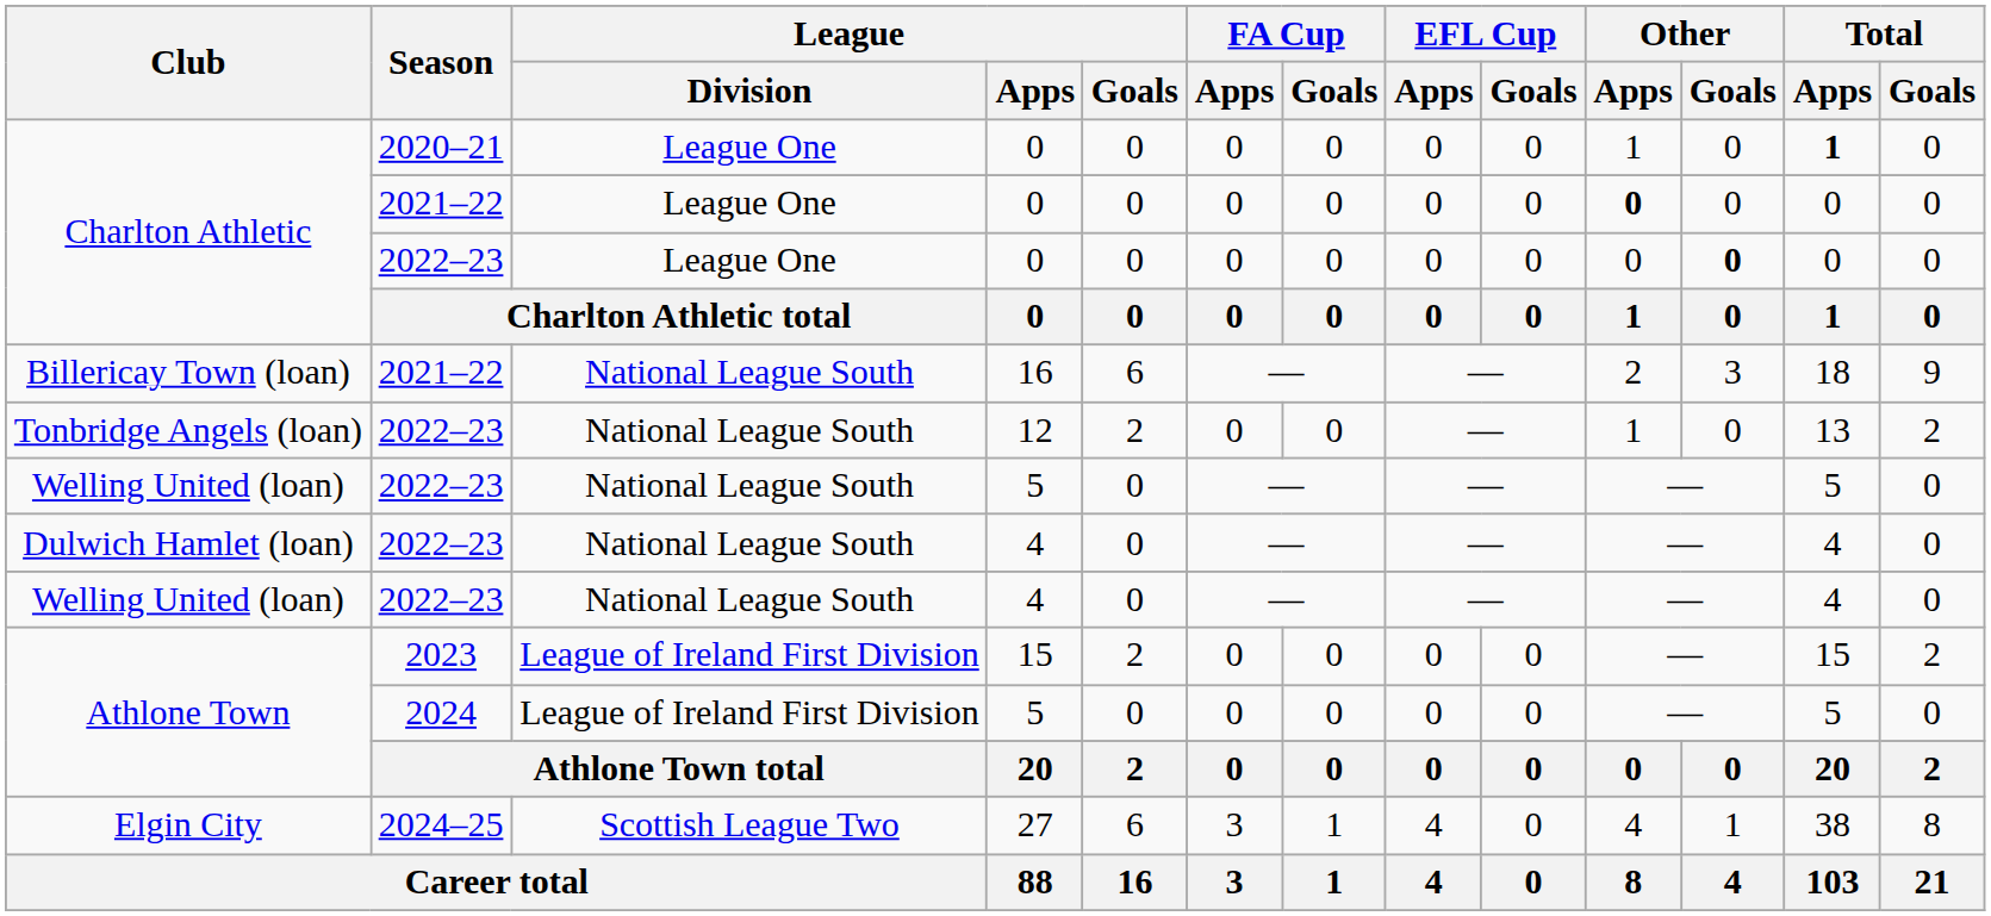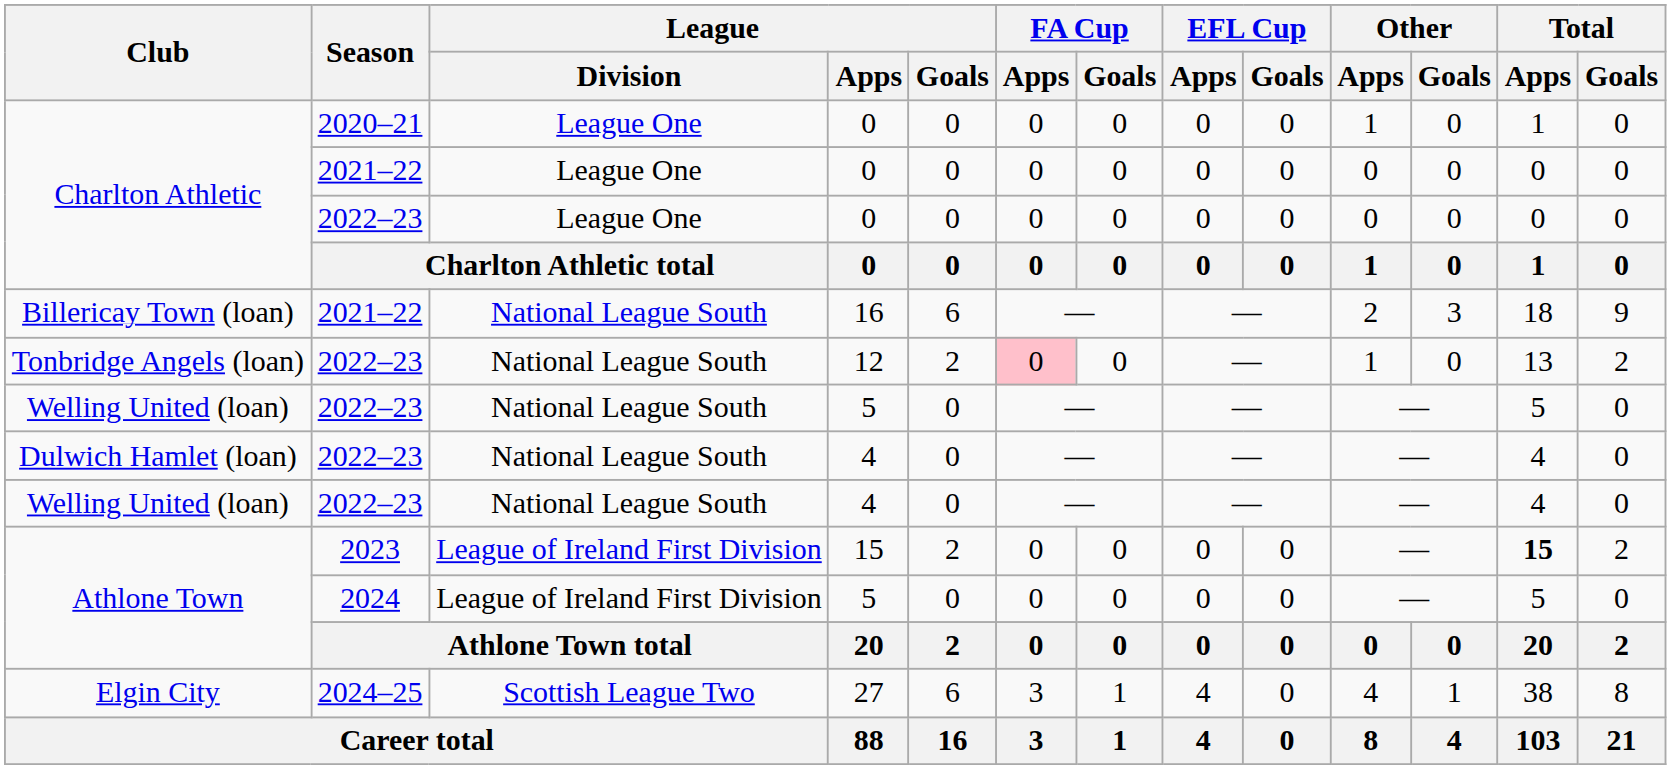 <table class="wikitable" style="text-align: center">
 <tr>
 <th rowspan="2">Club</th>
 <th rowspan="2">Season</th>
 <th colspan="3">League</th>
 <th colspan="2"><a href='#'>FA Cup</a></th>
 <th colspan="2"><a href='#'>EFL Cup</a></th>
 <th colspan="2">Other</th>
 <th colspan="2">Total</th>
 </tr>
 <tr>
 <th>Division</th>
 <th>Apps</th>
 <th>Goals</th>
 <th>Apps</th>
 <th>Goals</th>
 <th>Apps</th>
 <th>Goals</th>
 <th>Apps</th>
 <th>Goals</th>
 <th>Apps</th>
 <th>Goals</th>
 </tr>
 <tr>
 <td rowspan="4"><a href='#'>Charlton Athletic</a></td>
 <td><a href='#'>2020–21</a></td>
 <td><a href='#'>League One</a></td>
 <td>0</td>
 <td>0</td>
 <td>0</td>
 <td>0</td>
 <td>0</td>
 <td>0</td>
 <td>1</td>
 <td>0</td>
-<td><strong>1</strong></td>
+<td>1</td>
 <td>0</td>
 </tr>
 <tr>
 <td><a href='#'>2021–22</a></td>
 <td>League One</td>
 <td>0</td>
 <td>0</td>
 <td>0</td>
 <td>0</td>
 <td>0</td>
 <td>0</td>
-<td><strong>0</strong></td>
+<td>0</td>
 <td>0</td>
 <td>0</td>
 <td>0</td>
 </tr>
 <tr>
 <td><a href='#'>2022–23</a></td>
 <td>League One</td>
 <td>0</td>
 <td>0</td>
 <td>0</td>
 <td>0</td>
 <td>0</td>
 <td>0</td>
 <td>0</td>
-<td><strong>0</strong></td>
+<td>0</td>
 <td>0</td>
 <td>0</td>
 </tr>
 <tr>
 <th colspan="2">Charlton Athletic total</th>
 <th>0</th>
 <th>0</th>
 <th>0</th>
 <th>0</th>
 <th>0</th>
 <th>0</th>
 <th>1</th>
 <th>0</th>
 <th>1</th>
 <th>0</th>
 </tr>
 <tr>
 <td><a href='#'>Billericay Town</a> (loan)</td>
 <td><a href='#'>2021–22</a></td>
 <td><a href='#'>National League South</a></td>
 <td>16</td>
 <td>6</td>
 <td colspan="2">—</td>
 <td colspan="2">—</td>
 <td>2</td>
 <td>3</td>
 <td>18</td>
 <td>9</td>
 </tr>
 <tr>
 <td><a href='#'>Tonbridge Angels</a> (loan)</td>
 <td><a href='#'>2022–23</a></td>
 <td>National League South</td>
 <td>12</td>
 <td>2</td>
-<td>0</td>
+<td style="background: pink;">0</td>
 <td>0</td>
 <td colspan="2">—</td>
 <td>1</td>
 <td>0</td>
 <td>13</td>
 <td>2</td>
 </tr>
 <tr>
 <td><a href='#'>Welling United</a> (loan)</td>
 <td><a href='#'>2022–23</a></td>
 <td>National League South</td>
 <td>5</td>
 <td>0</td>
 <td colspan="2">—</td>
 <td colspan="2">—</td>
 <td colspan="2">—</td>
 <td>5</td>
 <td>0</td>
 </tr>
 <tr>
 <td><a href='#'>Dulwich Hamlet</a> (loan)</td>
 <td><a href='#'>2022–23</a></td>
 <td>National League South</td>
 <td>4</td>
 <td>0</td>
 <td colspan="2">—</td>
 <td colspan="2">—</td>
 <td colspan="2">—</td>
 <td>4</td>
 <td>0</td>
 </tr>
 <tr>
 <td><a href='#'>Welling United</a> (loan)</td>
 <td><a href='#'>2022–23</a></td>
 <td>National League South</td>
 <td>4</td>
 <td>0</td>
 <td colspan="2">—</td>
 <td colspan="2">—</td>
 <td colspan="2">—</td>
 <td>4</td>
 <td>0</td>
 </tr>
 <tr>
 <td rowspan="3"><a href='#'>Athlone Town</a></td>
 <td><a href='#'>2023</a></td>
 <td><a href='#'>League of Ireland First Division</a></td>
 <td>15</td>
 <td>2</td>
 <td>0</td>
 <td>0</td>
 <td>0</td>
 <td>0</td>
 <td colspan="2">—</td>
-<td>15</td>
+<td><strong>15</strong></td>
 <td>2</td>
 </tr>
 <tr>
 <td><a href='#'>2024</a></td>
 <td>League of Ireland First Division</td>
 <td>5</td>
 <td>0</td>
 <td>0</td>
 <td>0</td>
 <td>0</td>
 <td>0</td>
 <td colspan="2">—</td>
 <td>5</td>
 <td>0</td>
 </tr>
 <tr>
 <th colspan="2">Athlone Town total</th>
 <th>20</th>
 <th>2</th>
 <th>0</th>
 <th>0</th>
 <th>0</th>
 <th>0</th>
 <th>0</th>
 <th>0</th>
 <th>20</th>
 <th>2</th>
 </tr>
 <tr>
 <td><a href='#'>Elgin City</a></td>
 <td><a href='#'>2024–25</a></td>
 <td><a href='#'>Scottish League Two</a></td>
 <td>27</td>
 <td>6</td>
 <td>3</td>
 <td>1</td>
 <td>4</td>
 <td>0</td>
 <td>4</td>
 <td>1</td>
 <td>38</td>
 <td>8</td>
 </tr>
 <tr>
 <th colspan="3">Career total</th>
 <th>88</th>
 <th>16</th>
 <th>3</th>
 <th>1</th>
 <th>4</th>
 <th>0</th>
 <th>8</th>
 <th>4</th>
 <th>103</th>
 <th>21</th>
 </tr>
 </table>
